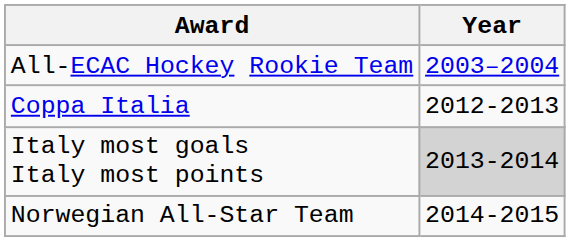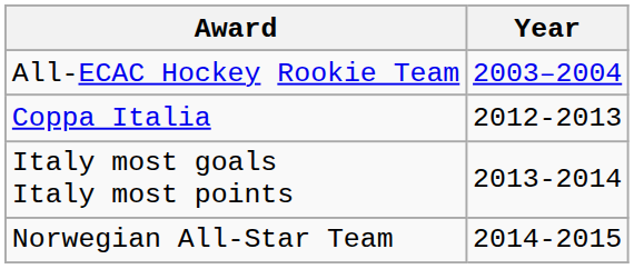 <table class="wikitable">
 <tr>
 <th>Award</th>
 <th>Year</th>
 </tr>
 <tr>
 <td>All-<a href='#'>ECAC Hockey</a> <a href='#'>Rookie Team</a></td>
 <td><a href='#'>2003–2004</a></td>
 </tr>
 <tr>
 <td><a href='#'>Coppa Italia</a></td>
 <td>2012-2013</td>
 </tr>
 <tr>
 <td>Italy most goals<br>Italy most points</td>
-<td style="background: lightgrey;">2013-2014</td>
+<td>2013-2014</td>
 </tr>
 <tr>
 <td>Norwegian All-Star Team</td>
 <td>2014-2015</td>
 </tr>
 </table>
